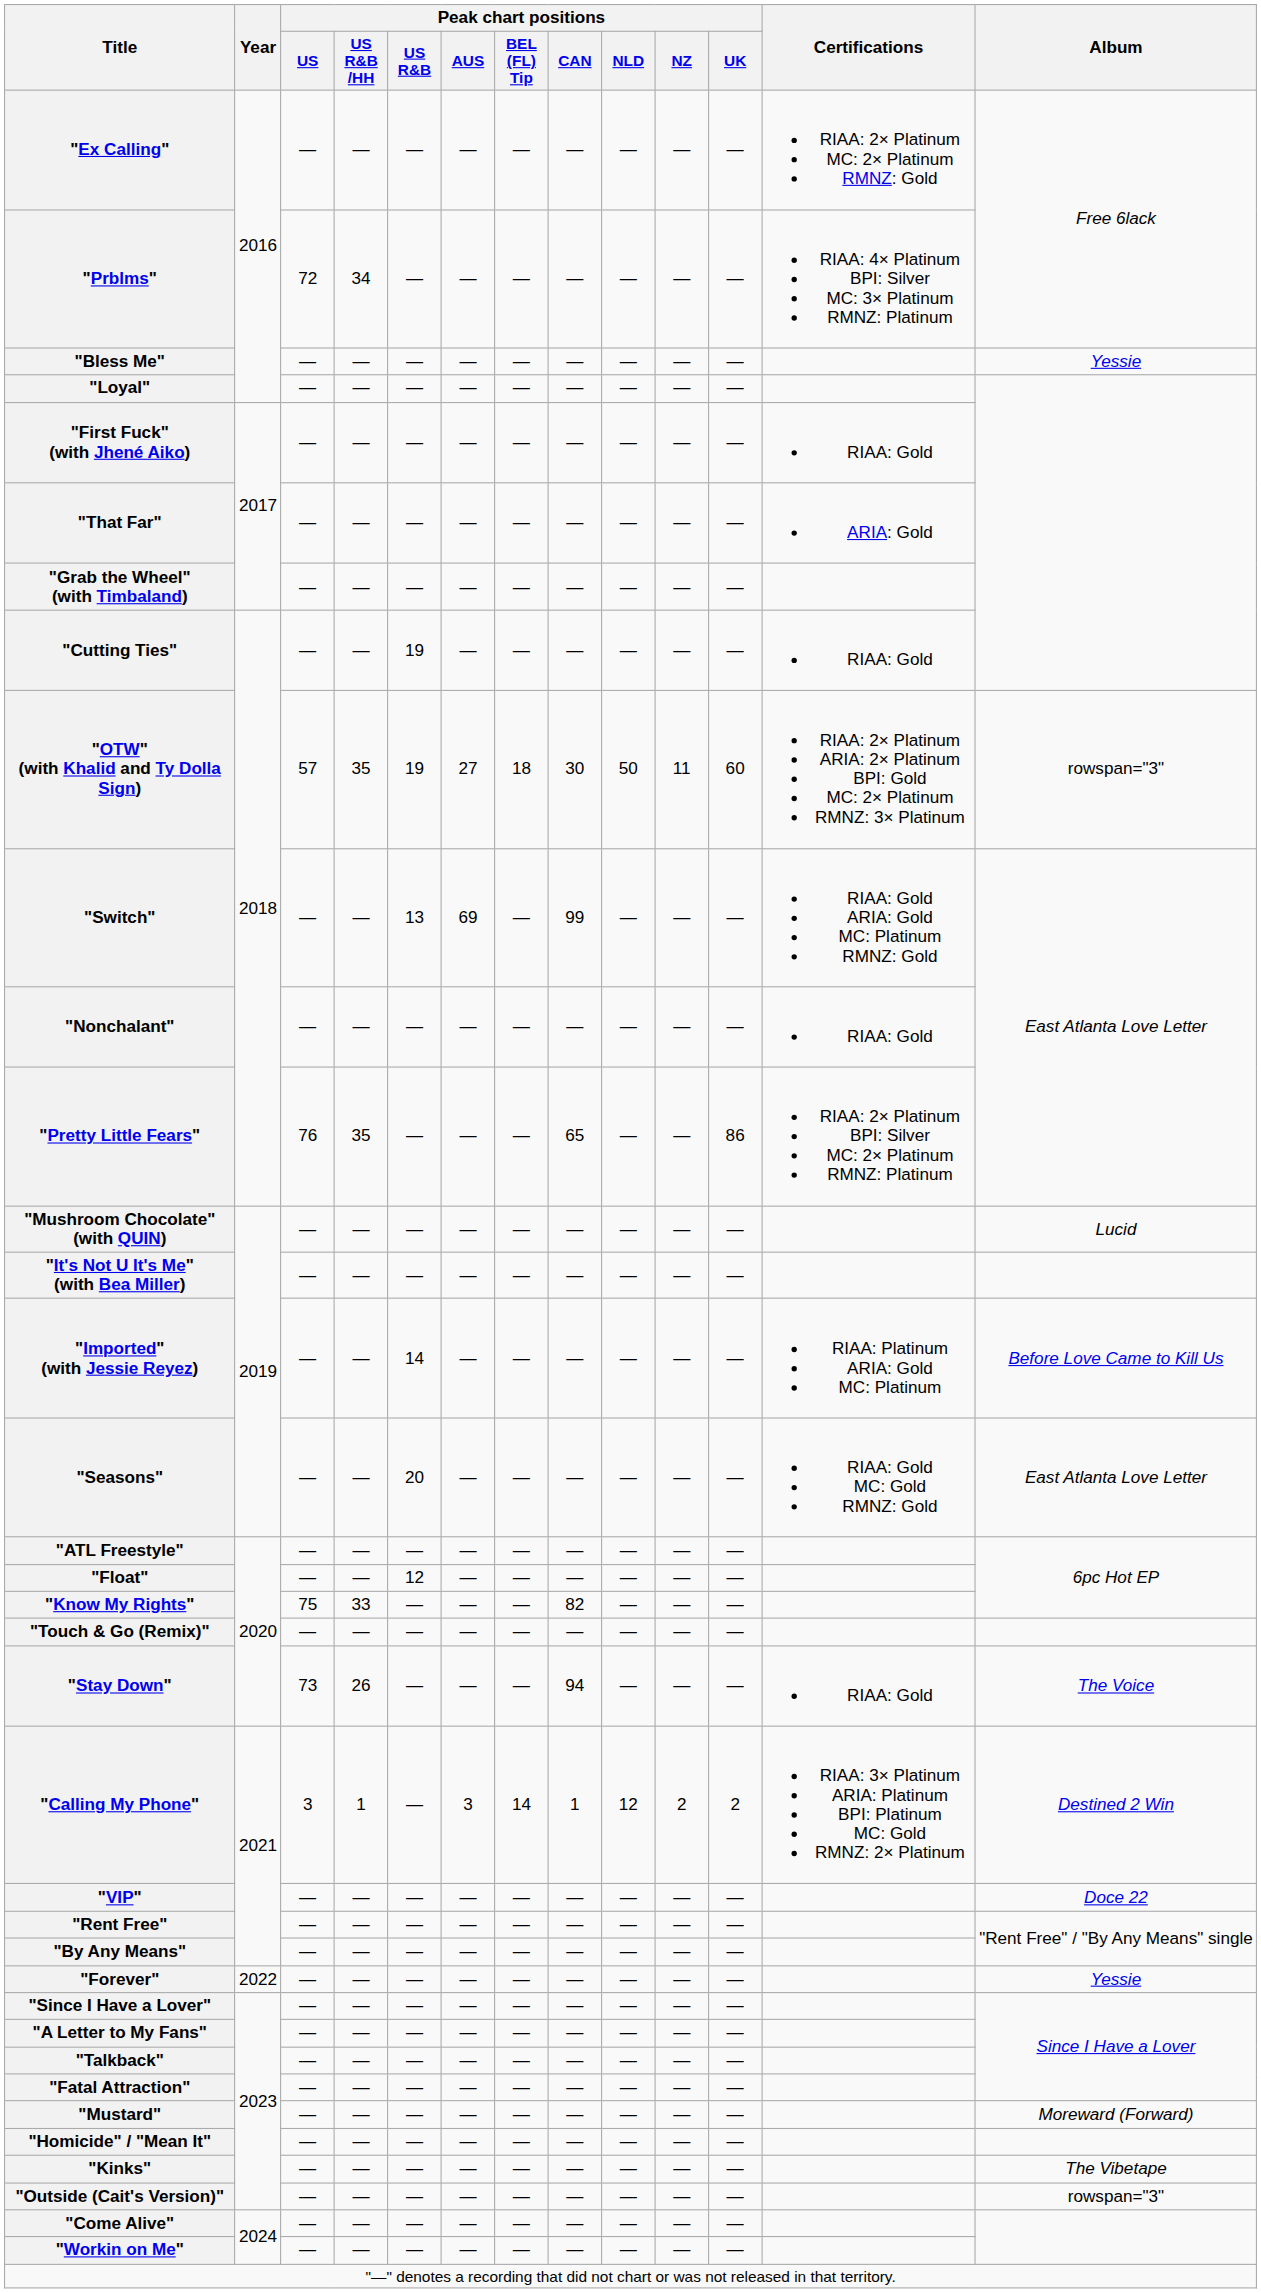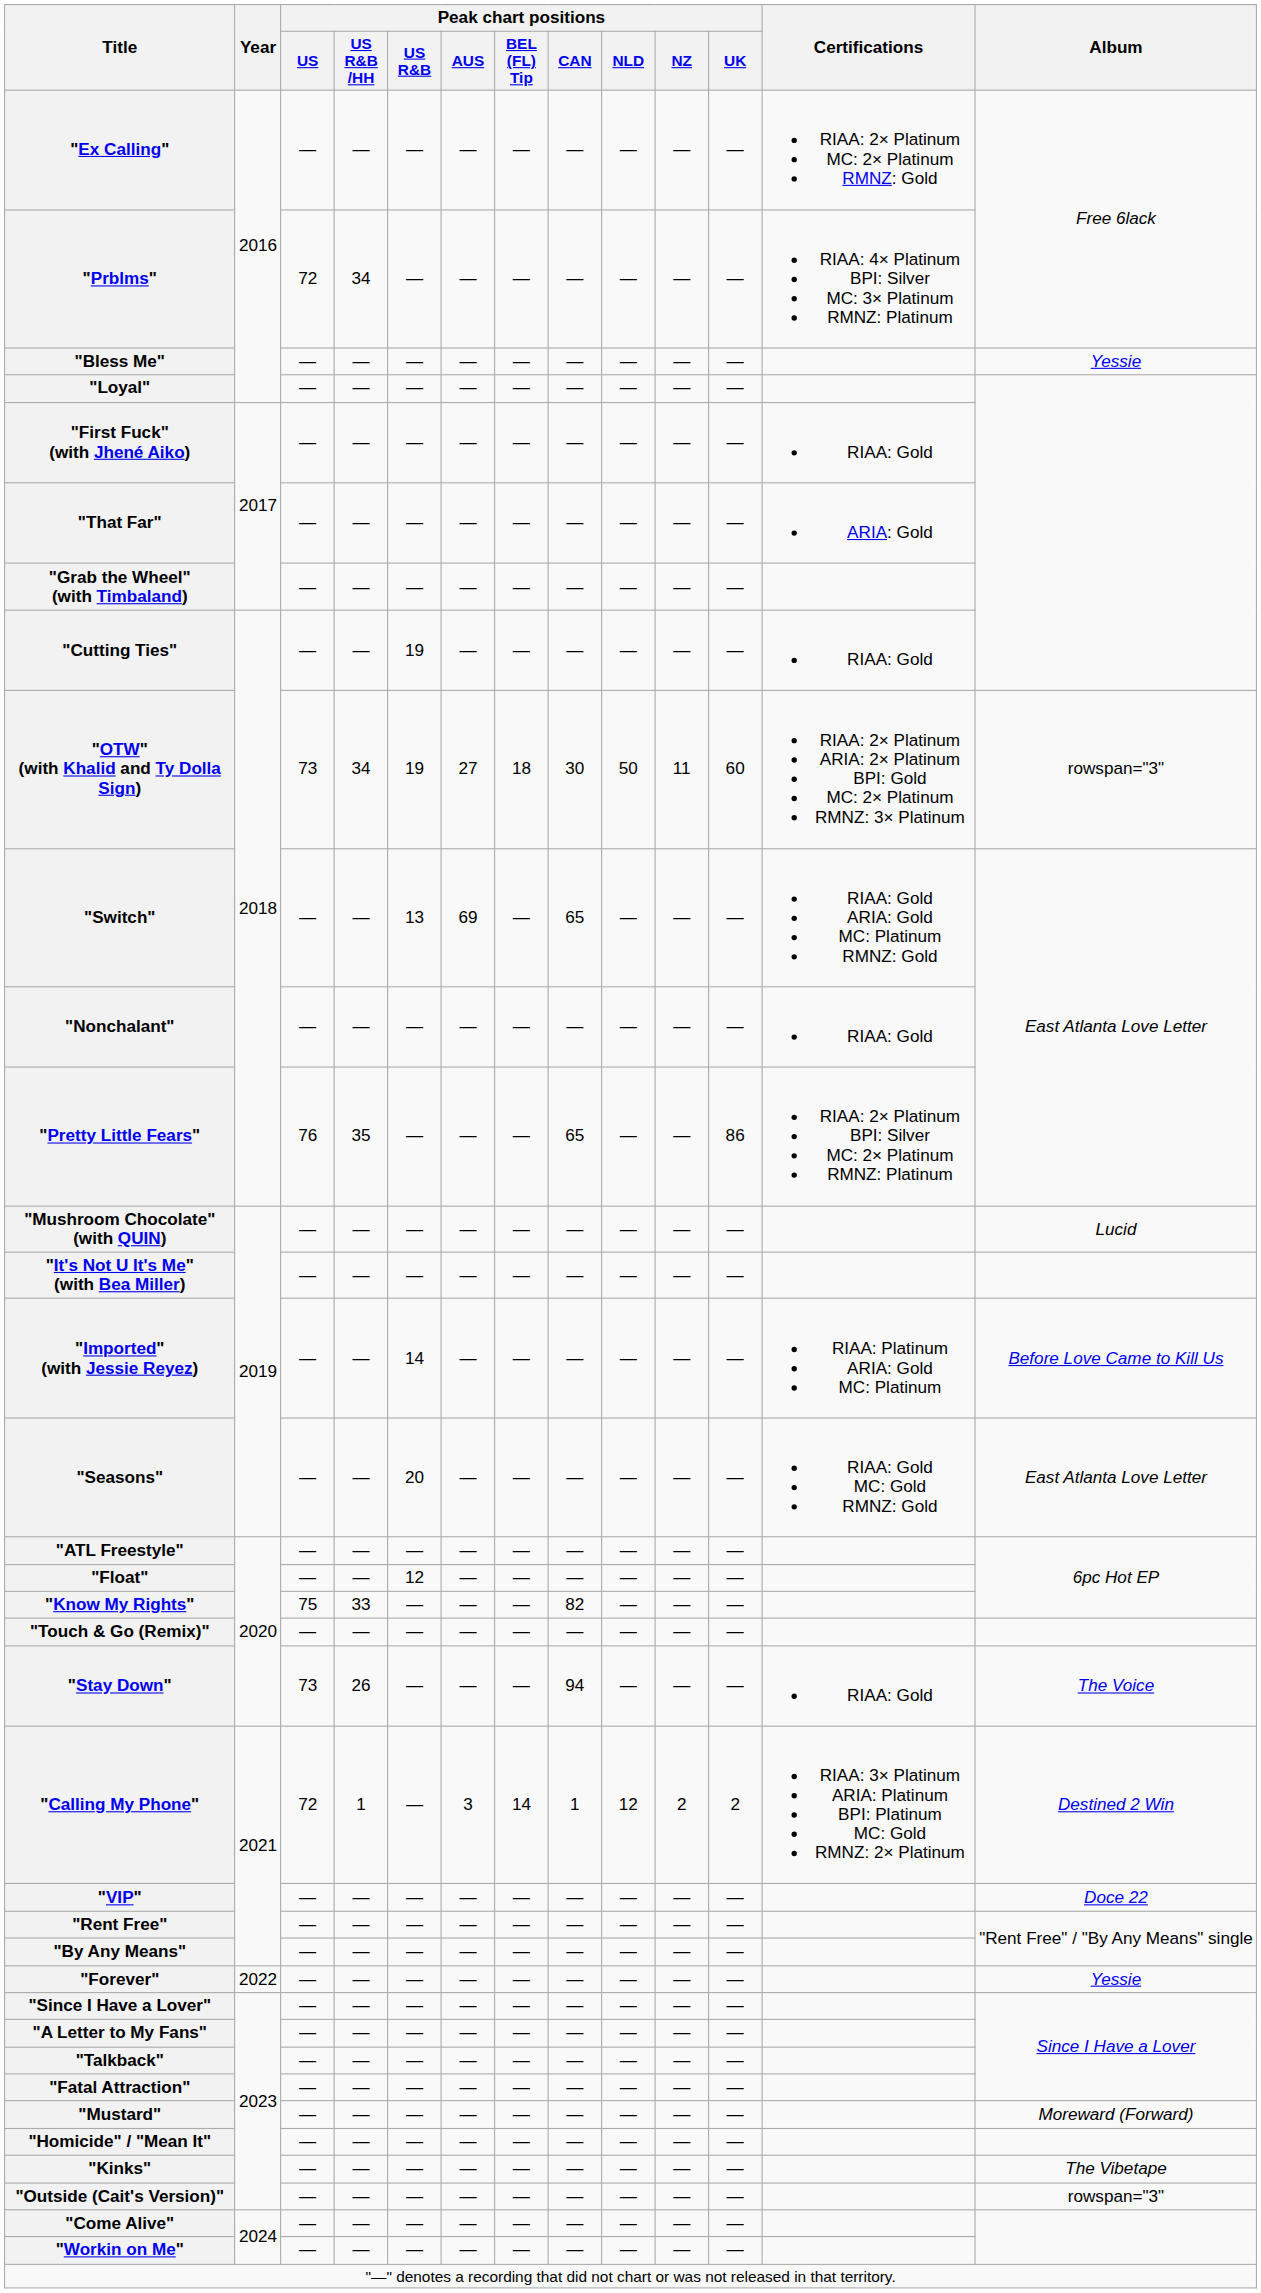 <table class="wikitable plainrowheaders" style="text-align:center;">
 <tr>
 <th scope="col" rowspan="2" style="width:13em;">Title</th>
 <th scope="col" rowspan="2">Year</th>
 <th scope="col" colspan="9">Peak chart positions</th>
 <th scope="col" rowspan="2" style="width:12em;">Certifications</th>
 <th scope="col" rowspan="2">Album</th>
 </tr>
 <tr>
 <th scope="col" style="width:3em;font-size:90%;"><a href='#'>US</a><br></th>
 <th scope="col" style="width:3em;font-size:90%;"><a href='#'>US<br>R&B<br>/HH</a><br></th>
 <th scope="col" style="width:3em;font-size:90%;"><a href='#'>US<br>R&B</a><br></th>
 <th scope="col" style="width:3em;font-size:90%;"><a href='#'>AUS</a><br></th>
 <th scope="col" style="width:3em;font-size:90%;"><a href='#'>BEL<br>(FL)<br>Tip</a><br></th>
 <th scope="col" style="width:3em;font-size:90%;"><a href='#'>CAN</a><br></th>
 <th scope="col" style="width:3em;font-size:90%;"><a href='#'>NLD</a><br></th>
 <th scope="col" style="width:3em;font-size:90%;"><a href='#'>NZ</a><br></th>
 <th scope="col" style="width:3em;font-size:90%;"><a href='#'>UK</a><br></th>
 </tr>
 <tr>
 <th scope="row">"<a href='#'>Ex Calling</a>"</th>
 <td rowspan="4">2016</td>
 <td>—</td>
 <td>—</td>
 <td>—</td>
 <td>—</td>
 <td>—</td>
 <td>—</td>
 <td>—</td>
 <td>—</td>
 <td>—</td>
 <td><br><ul><li>RIAA: 2× Platinum</li><li>MC: 2× Platinum</li><li><a href='#'>RMNZ</a>: Gold</li></ul></td>
 <td rowspan="2"><em>Free 6lack</em></td>
 </tr>
 <tr>
 <th scope="row">"<a href='#'>Prblms</a>"</th>
 <td>72</td>
 <td>34</td>
 <td>—</td>
 <td>—</td>
 <td>—</td>
 <td>—</td>
 <td>—</td>
 <td>—</td>
 <td>—</td>
 <td><br><ul><li>RIAA: 4× Platinum</li><li>BPI: Silver</li><li>MC: 3× Platinum</li><li>RMNZ: Platinum</li></ul></td>
 </tr>
 <tr>
 <th scope="row">"Bless Me"</th>
 <td>—</td>
 <td>—</td>
 <td>—</td>
 <td>—</td>
 <td>—</td>
 <td>—</td>
 <td>—</td>
 <td>—</td>
 <td>—</td>
 <td></td>
 <td><em><a href='#'>Yessie</a></em></td>
 </tr>
 <tr>
 <th scope="row">"Loyal"</th>
 <td>—</td>
 <td>—</td>
 <td>—</td>
 <td>—</td>
 <td>—</td>
 <td>—</td>
 <td>—</td>
 <td>—</td>
 <td>—</td>
 <td></td>
 </tr>
 <tr>
 <th scope="row">"First Fuck"<br><span>(with <a href='#'>Jhené Aiko</a>)</span></th>
 <td rowspan="3">2017</td>
 <td>—</td>
 <td>—</td>
 <td>—</td>
 <td>—</td>
 <td>—</td>
 <td>—</td>
 <td>—</td>
 <td>—</td>
 <td>—</td>
 <td><br><ul><li>RIAA: Gold</li></ul></td>
 </tr>
 <tr>
 <th scope="row">"That Far"</th>
 <td>—</td>
 <td>—</td>
 <td>—</td>
 <td>—</td>
 <td>—</td>
 <td>—</td>
 <td>—</td>
 <td>—</td>
 <td>—</td>
 <td><br><ul><li><a href='#'>ARIA</a>: Gold</li></ul></td>
 </tr>
 <tr>
 <th scope="row">"Grab the Wheel"<br><span>(with <a href='#'>Timbaland</a>)</span></th>
 <td>—</td>
 <td>—</td>
 <td>—</td>
 <td>—</td>
 <td>—</td>
 <td>—</td>
 <td>—</td>
 <td>—</td>
 <td>—</td>
 <td></td>
 </tr>
 <tr>
 <th scope="row">"Cutting Ties"</th>
 <td rowspan="5">2018</td>
 <td>—</td>
 <td>—</td>
 <td>19</td>
 <td>—</td>
 <td>—</td>
 <td>—</td>
 <td>—</td>
 <td>—</td>
 <td>—</td>
 <td><br><ul><li>RIAA: Gold</li></ul></td>
 </tr>
 <tr>
 <th scope="row">"<a href='#'>OTW</a>"<br><span>(with <a href='#'>Khalid</a> and <a href='#'>Ty Dolla Sign</a>)</span></th>
-<td>57</td>
-<td>35</td>
+<td>73</td>
+<td>34</td>
 <td>19</td>
 <td>27</td>
 <td>18</td>
 <td>30</td>
 <td>50</td>
 <td>11</td>
 <td>60</td>
 <td><br><ul><li>RIAA: 2× Platinum</li><li>ARIA: 2× Platinum</li><li>BPI: Gold</li><li>MC: 2× Platinum</li><li>RMNZ: 3× Platinum</li></ul></td>
 <td>rowspan="3" </td>
 </tr>
 <tr>
 <th scope="row">"Switch"</th>
 <td>—</td>
 <td>—</td>
 <td>13</td>
 <td>69</td>
 <td>—</td>
-<td>99</td>
+<td>65</td>
 <td>—</td>
 <td>—</td>
 <td>—</td>
 <td><br><ul><li>RIAA: Gold</li><li>ARIA: Gold</li><li>MC: Platinum</li><li>RMNZ: Gold</li></ul></td>
 <td rowspan="3"><em>East Atlanta Love Letter</em></td>
 </tr>
 <tr>
 <th scope="row">"Nonchalant"</th>
 <td>—</td>
 <td>—</td>
 <td>—</td>
 <td>—</td>
 <td>—</td>
 <td>—</td>
 <td>—</td>
 <td>—</td>
 <td>—</td>
 <td><br><ul><li>RIAA: Gold</li></ul></td>
 </tr>
 <tr>
 <th scope="row">"<a href='#'>Pretty Little Fears</a>"<br></th>
 <td>76</td>
 <td>35</td>
 <td>—</td>
 <td>—</td>
 <td>—</td>
 <td>65</td>
 <td>—</td>
 <td>—</td>
 <td>86</td>
 <td><br><ul><li>RIAA: 2× Platinum</li><li>BPI: Silver</li><li>MC: 2× Platinum</li><li>RMNZ: Platinum</li></ul></td>
 </tr>
 <tr>
 <th scope="row">"Mushroom Chocolate"<br><span>(with <a href='#'>QUIN</a>)</span></th>
 <td rowspan="4">2019</td>
 <td>—</td>
 <td>—</td>
 <td>—</td>
 <td>—</td>
 <td>—</td>
 <td>—</td>
 <td>—</td>
 <td>—</td>
 <td>—</td>
 <td></td>
 <td><em>Lucid</em></td>
 </tr>
 <tr>
 <th scope="row">"<a href='#'>It's Not U It's Me</a>"<br><span>(with <a href='#'>Bea Miller</a>)</span></th>
 <td>—</td>
 <td>—</td>
 <td>—</td>
 <td>—</td>
 <td>—</td>
 <td>—</td>
 <td>—</td>
 <td>—</td>
 <td>—</td>
 <td></td>
 <td></td>
 </tr>
 <tr>
 <th scope="row">"<a href='#'>Imported</a>"<br><span>(with <a href='#'>Jessie Reyez</a>)</span></th>
 <td>—</td>
 <td>—</td>
 <td>14</td>
 <td>—</td>
 <td>—</td>
 <td>—</td>
 <td>—</td>
 <td>—</td>
 <td>—</td>
 <td><br><ul><li>RIAA: Platinum</li><li>ARIA: Gold</li><li>MC: Platinum</li></ul></td>
 <td><em><a href='#'>Before Love Came to Kill Us</a></em></td>
 </tr>
 <tr>
 <th scope="row">"Seasons"<br></th>
 <td>—</td>
 <td>—</td>
 <td>20</td>
 <td>—</td>
 <td>—</td>
 <td>—</td>
 <td>—</td>
 <td>—</td>
 <td>—</td>
 <td><br><ul><li>RIAA: Gold</li><li>MC: Gold</li><li>RMNZ: Gold</li></ul></td>
 <td><em>East Atlanta Love Letter</em></td>
 </tr>
 <tr>
 <th scope="row">"ATL Freestyle"</th>
 <td rowspan="5">2020</td>
 <td>—</td>
 <td>—</td>
 <td>—</td>
 <td>—</td>
 <td>—</td>
 <td>—</td>
 <td>—</td>
 <td>—</td>
 <td>—</td>
 <td></td>
 <td rowspan="3"><em>6pc Hot EP</em></td>
 </tr>
 <tr>
 <th scope="row">"Float"</th>
 <td>—</td>
 <td>—</td>
 <td>12</td>
 <td>—</td>
 <td>—</td>
 <td>—</td>
 <td>—</td>
 <td>—</td>
 <td>—</td>
 <td></td>
 </tr>
 <tr>
 <th scope="row">"<a href='#'>Know My Rights</a>"<br></th>
 <td>75</td>
 <td>33</td>
 <td>—</td>
 <td>—</td>
 <td>—</td>
 <td>82</td>
 <td>—</td>
 <td>—</td>
 <td>—</td>
 <td></td>
 </tr>
 <tr>
 <th scope="row">"Touch & Go (Remix)"<br></th>
 <td>—</td>
 <td>—</td>
 <td>—</td>
 <td>—</td>
 <td>—</td>
 <td>—</td>
 <td>—</td>
 <td>—</td>
 <td>—</td>
 <td></td>
 <td></td>
 </tr>
 <tr>
 <th scope="row">"<a href='#'>Stay Down</a>"<br></th>
 <td>73</td>
 <td>26</td>
 <td>—</td>
 <td>—</td>
 <td>—</td>
 <td>94</td>
 <td>—</td>
 <td>—</td>
 <td>—</td>
 <td><br><ul><li>RIAA: Gold</li></ul></td>
 <td><em><a href='#'>The Voice</a></em></td>
 </tr>
 <tr>
 <th scope="row">"<a href='#'>Calling My Phone</a>"<br></th>
 <td rowspan="4">2021</td>
-<td>3</td>
+<td>72</td>
 <td>1</td>
 <td>—</td>
 <td>3<br></td>
 <td>14</td>
 <td>1</td>
 <td>12</td>
 <td>2<br></td>
 <td>2</td>
 <td><br><ul><li>RIAA: 3× Platinum</li><li>ARIA: Platinum</li><li>BPI: Platinum</li><li>MC: Gold</li><li>RMNZ: 2× Platinum</li></ul></td>
 <td><em><a href='#'>Destined 2 Win</a></em></td>
 </tr>
 <tr>
 <th scope="row">"<a href='#'>VIP</a>"<br></th>
 <td>—</td>
 <td>—</td>
 <td>—</td>
 <td>—</td>
 <td>—</td>
 <td>—</td>
 <td>—</td>
 <td>—</td>
 <td>—</td>
 <td></td>
 <td><em><a href='#'>Doce 22</a></em></td>
 </tr>
 <tr>
 <th scope="row">"Rent Free"</th>
 <td>—</td>
 <td>—</td>
 <td>—</td>
 <td>—</td>
 <td>—</td>
 <td>—</td>
 <td>—</td>
 <td>—</td>
 <td>—</td>
 <td></td>
 <td rowspan="2">"Rent Free" / "By Any Means" single</td>
 </tr>
 <tr>
 <th scope="row">"By Any Means"</th>
 <td>—</td>
 <td>—</td>
 <td>—</td>
 <td>—</td>
 <td>—</td>
 <td>—</td>
 <td>—</td>
 <td>—</td>
 <td>—</td>
 <td></td>
 </tr>
 <tr>
 <th scope="row">"Forever"<br></th>
 <td>2022</td>
 <td>—</td>
 <td>—</td>
 <td>—</td>
 <td>—</td>
 <td>—</td>
 <td>—</td>
 <td>—</td>
 <td>—</td>
 <td>—</td>
 <td></td>
 <td><em><a href='#'>Yessie</a></em></td>
 </tr>
 <tr>
 <th scope="row">"Since I Have a Lover"</th>
 <td rowspan="8">2023</td>
 <td>—</td>
 <td>—</td>
 <td>—</td>
 <td>—</td>
 <td>—</td>
 <td>—</td>
 <td>—</td>
 <td>—</td>
 <td>—</td>
 <td></td>
 <td rowspan="4"><em><a href='#'>Since I Have a Lover</a></em></td>
 </tr>
 <tr>
 <th scope="row">"A Letter to My Fans"</th>
 <td>—</td>
 <td>—</td>
 <td>—</td>
 <td>—</td>
 <td>—</td>
 <td>—</td>
 <td>—</td>
 <td>—</td>
 <td>—</td>
 <td></td>
 </tr>
 <tr>
 <th scope="row">"Talkback"</th>
 <td>—</td>
 <td>—</td>
 <td>—</td>
 <td>—</td>
 <td>—</td>
 <td>—</td>
 <td>—</td>
 <td>—</td>
 <td>—</td>
 <td></td>
 </tr>
 <tr>
 <th scope="row">"Fatal Attraction"</th>
 <td>—</td>
 <td>—</td>
 <td>—</td>
 <td>—</td>
 <td>—</td>
 <td>—</td>
 <td>—</td>
 <td>—</td>
 <td>—</td>
 <td></td>
 </tr>
 <tr>
 <th scope="row">"Mustard"<br></th>
 <td>—</td>
 <td>—</td>
 <td>—</td>
 <td>—</td>
 <td>—</td>
 <td>—</td>
 <td>—</td>
 <td>—</td>
 <td>—</td>
 <td></td>
 <td><em>Moreward (Forward)</em></td>
 </tr>
 <tr>
 <th scope="row">"Homicide" / "Mean It"<br></th>
 <td>—</td>
 <td>—</td>
 <td>—</td>
 <td>—</td>
 <td>—</td>
 <td>—</td>
 <td>—</td>
 <td>—</td>
 <td>—</td>
 <td></td>
 <td></td>
 </tr>
 <tr>
 <th scope="row">"Kinks"<br></th>
 <td>—</td>
 <td>—</td>
 <td>—</td>
 <td>—</td>
 <td>—</td>
 <td>—</td>
 <td>—</td>
 <td>—</td>
 <td>—</td>
 <td></td>
 <td><em>The Vibetape</em></td>
 </tr>
 <tr>
 <th scope="row">"Outside (Cait's Version)"</th>
 <td>—</td>
 <td>—</td>
 <td>—</td>
 <td>—</td>
 <td>—</td>
 <td>—</td>
 <td>—</td>
 <td>—</td>
 <td>—</td>
 <td></td>
 <td>rowspan="3" </td>
 </tr>
 <tr>
 <th scope="row">"Come Alive"<br></th>
 <td rowspan="2">2024</td>
 <td>—</td>
 <td>—</td>
 <td>—</td>
 <td>—</td>
 <td>—</td>
 <td>—</td>
 <td>—</td>
 <td>—</td>
 <td>—</td>
 <td></td>
 </tr>
 <tr>
 <th scope="row">"<a href='#'>Workin on Me</a>"<br></th>
 <td>—</td>
 <td>—</td>
 <td>—</td>
 <td>—</td>
 <td>—</td>
 <td>—</td>
 <td>—</td>
 <td>—</td>
 <td>—</td>
 <td></td>
 </tr>
 <tr>
 <td colspan="14" style="font-size:90%">"—" denotes a recording that did not chart or was not released in that territory.</td>
 </tr>
 </table>
